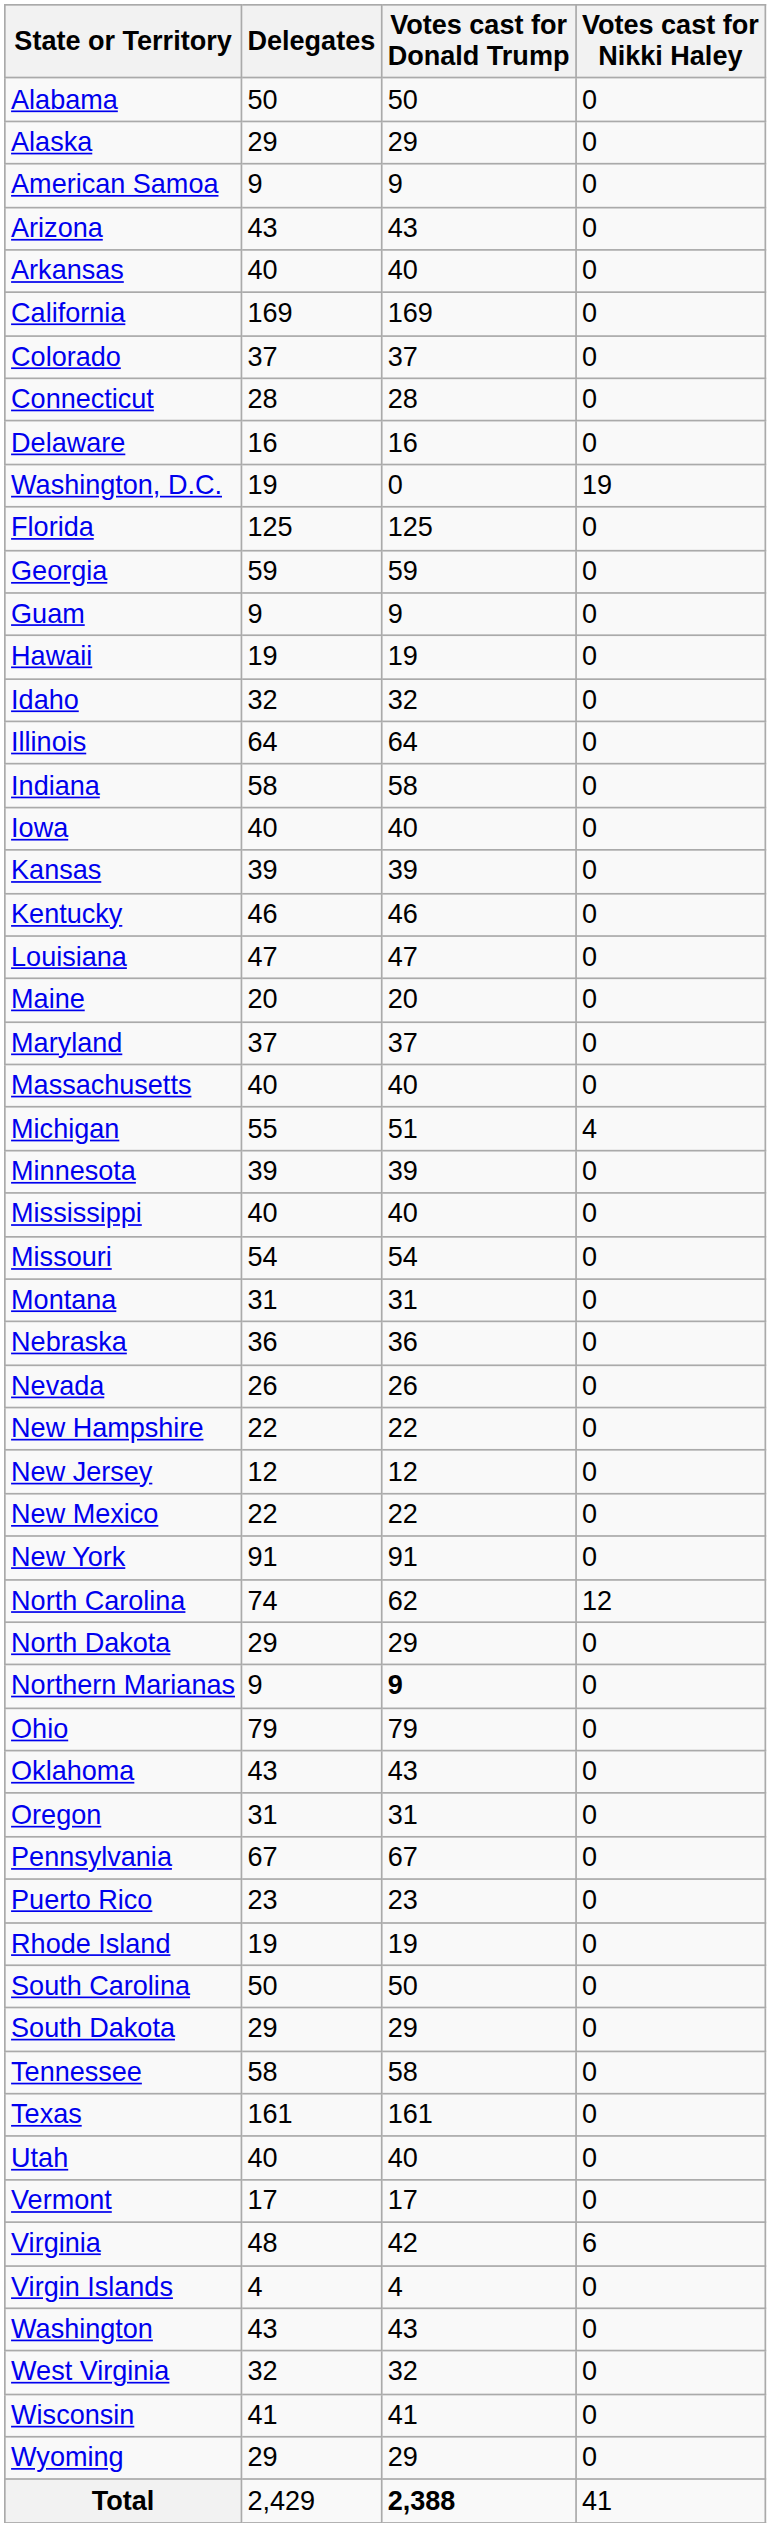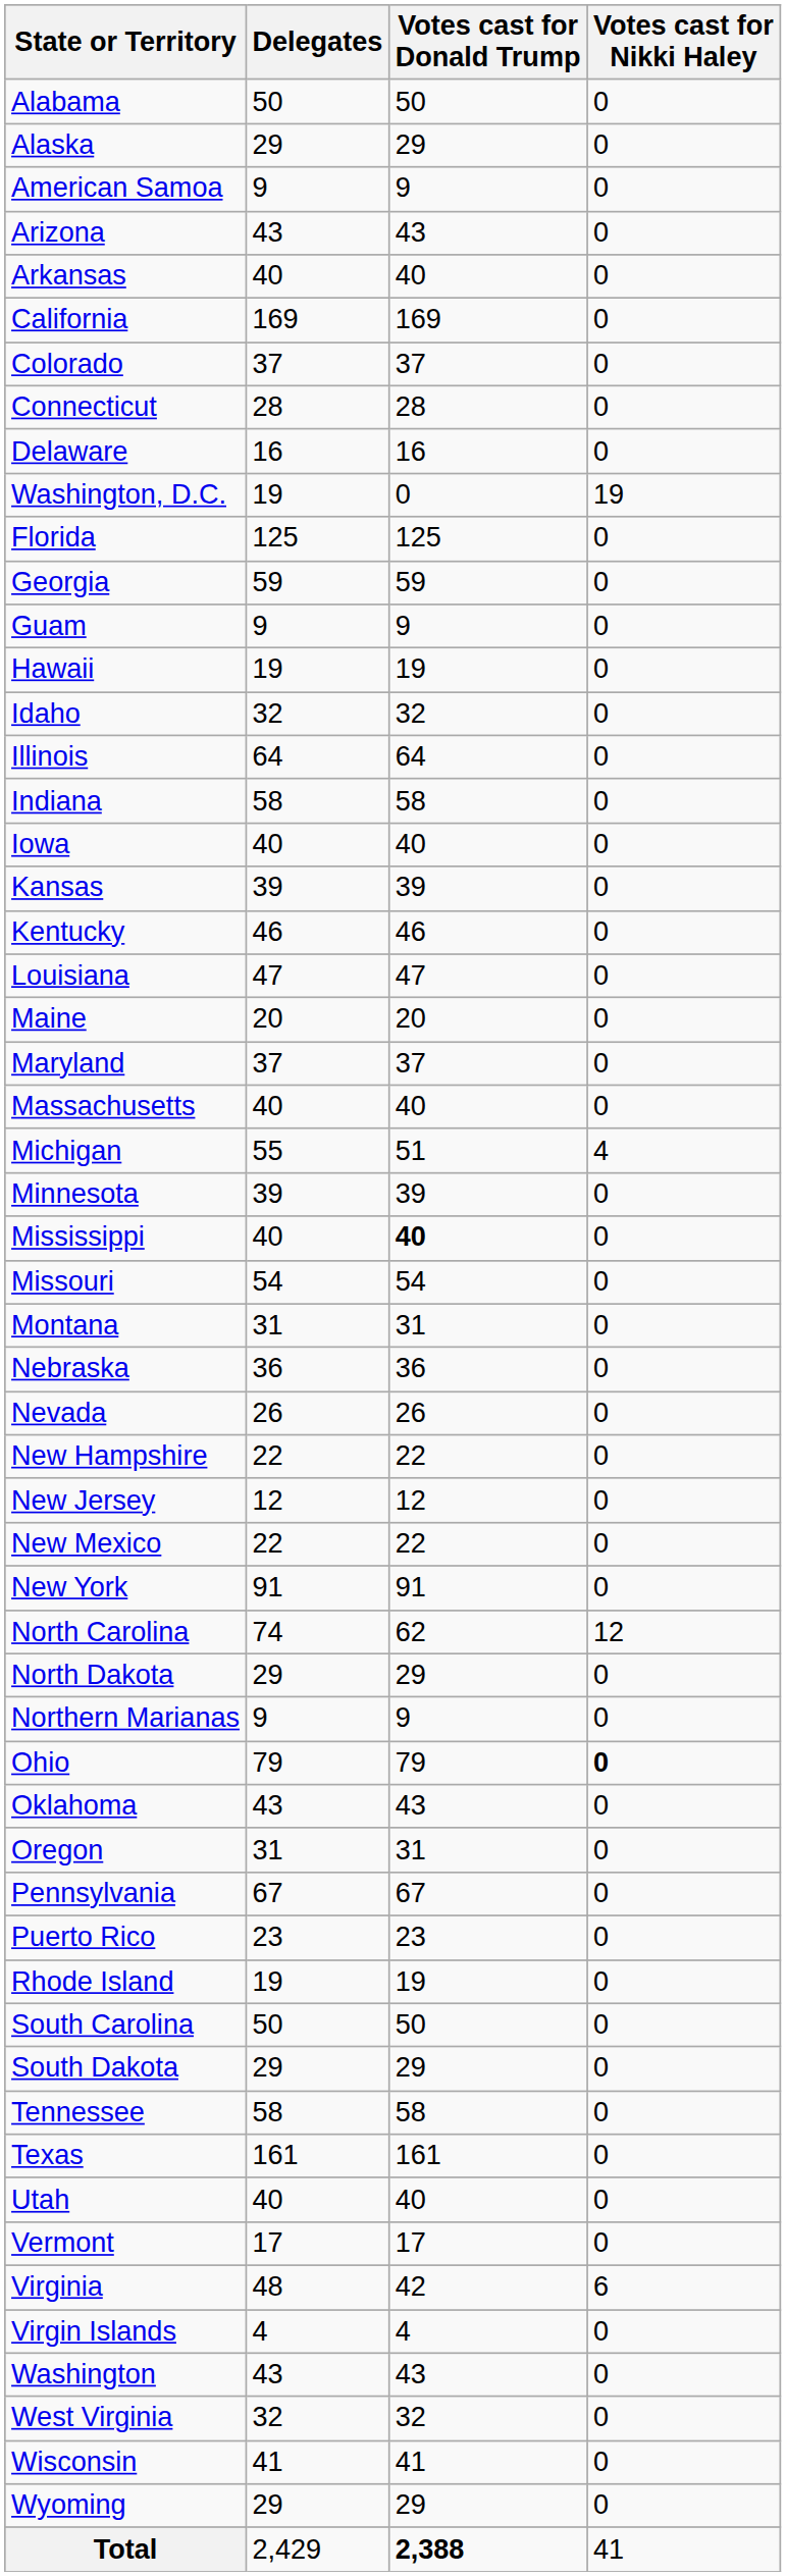 <table class="wikitable sortable">
 <tr>
 <th>State or Territory</th>
 <th>Delegates</th>
 <th>Votes cast for<br>Donald Trump</th>
 <th>Votes cast for<br>Nikki Haley</th>
 </tr>
 <tr>
 <td><a href='#'>Alabama</a></td>
 <td>50</td>
 <td>50</td>
 <td>0</td>
 </tr>
 <tr>
 <td><a href='#'>Alaska</a></td>
 <td>29</td>
 <td>29</td>
 <td>0</td>
 </tr>
 <tr>
 <td><a href='#'>American Samoa</a></td>
 <td>9</td>
 <td>9</td>
 <td>0</td>
 </tr>
 <tr>
 <td><a href='#'>Arizona</a></td>
 <td>43</td>
 <td>43</td>
 <td>0</td>
 </tr>
 <tr>
 <td><a href='#'>Arkansas</a></td>
 <td>40</td>
 <td>40</td>
 <td>0</td>
 </tr>
 <tr>
 <td><a href='#'>California</a></td>
 <td>169</td>
 <td>169</td>
 <td>0</td>
 </tr>
 <tr>
 <td><a href='#'>Colorado</a></td>
 <td>37</td>
 <td>37</td>
 <td>0</td>
 </tr>
 <tr>
 <td><a href='#'>Connecticut</a></td>
 <td>28</td>
 <td>28</td>
 <td>0</td>
 </tr>
 <tr>
 <td><a href='#'>Delaware</a></td>
 <td>16</td>
 <td>16</td>
 <td>0</td>
 </tr>
 <tr>
 <td><a href='#'>Washington, D.C.</a></td>
 <td>19</td>
 <td>0</td>
 <td>19</td>
 </tr>
 <tr>
 <td><a href='#'>Florida</a></td>
 <td>125</td>
 <td>125</td>
 <td>0</td>
 </tr>
 <tr>
 <td><a href='#'>Georgia</a></td>
 <td>59</td>
 <td>59</td>
 <td>0</td>
 </tr>
 <tr>
 <td><a href='#'>Guam</a></td>
 <td>9</td>
 <td>9</td>
 <td>0</td>
 </tr>
 <tr>
 <td><a href='#'>Hawaii</a></td>
 <td>19</td>
 <td>19</td>
 <td>0</td>
 </tr>
 <tr>
 <td><a href='#'>Idaho</a></td>
 <td>32</td>
 <td>32</td>
 <td>0</td>
 </tr>
 <tr>
 <td><a href='#'>Illinois</a></td>
 <td>64</td>
 <td>64</td>
 <td>0</td>
 </tr>
 <tr>
 <td><a href='#'>Indiana</a></td>
 <td>58</td>
 <td>58</td>
 <td>0</td>
 </tr>
 <tr>
 <td><a href='#'>Iowa</a></td>
 <td>40</td>
 <td>40</td>
 <td>0</td>
 </tr>
 <tr>
 <td><a href='#'>Kansas</a></td>
 <td>39</td>
 <td>39</td>
 <td>0</td>
 </tr>
 <tr>
 <td><a href='#'>Kentucky</a></td>
 <td>46</td>
 <td>46</td>
 <td>0</td>
 </tr>
 <tr>
 <td><a href='#'>Louisiana</a></td>
 <td>47</td>
 <td>47</td>
 <td>0</td>
 </tr>
 <tr>
 <td><a href='#'>Maine</a></td>
 <td>20</td>
 <td>20</td>
 <td>0</td>
 </tr>
 <tr>
 <td><a href='#'>Maryland</a></td>
 <td>37</td>
 <td>37</td>
 <td>0</td>
 </tr>
 <tr>
 <td><a href='#'>Massachusetts</a></td>
 <td>40</td>
 <td>40</td>
 <td>0</td>
 </tr>
 <tr>
 <td><a href='#'>Michigan</a></td>
 <td>55</td>
 <td>51</td>
 <td>4</td>
 </tr>
 <tr>
 <td><a href='#'>Minnesota</a></td>
 <td>39</td>
 <td>39</td>
 <td>0</td>
 </tr>
 <tr>
 <td><a href='#'>Mississippi</a></td>
 <td>40</td>
-<td>40</td>
+<td><strong>40</strong></td>
 <td>0</td>
 </tr>
 <tr>
 <td><a href='#'>Missouri</a></td>
 <td>54</td>
 <td>54</td>
 <td>0</td>
 </tr>
 <tr>
 <td><a href='#'>Montana</a></td>
 <td>31</td>
 <td>31</td>
 <td>0</td>
 </tr>
 <tr>
 <td><a href='#'>Nebraska</a></td>
 <td>36</td>
 <td>36</td>
 <td>0</td>
 </tr>
 <tr>
 <td><a href='#'>Nevada</a></td>
 <td>26</td>
 <td>26</td>
 <td>0</td>
 </tr>
 <tr>
 <td><a href='#'>New Hampshire</a></td>
 <td>22</td>
 <td>22</td>
 <td>0</td>
 </tr>
 <tr>
 <td><a href='#'>New Jersey</a></td>
 <td>12</td>
 <td>12</td>
 <td>0</td>
 </tr>
 <tr>
 <td><a href='#'>New Mexico</a></td>
 <td>22</td>
 <td>22</td>
 <td>0</td>
 </tr>
 <tr>
 <td><a href='#'>New York</a></td>
 <td>91</td>
 <td>91</td>
 <td>0</td>
 </tr>
 <tr>
 <td><a href='#'>North Carolina</a></td>
 <td>74</td>
 <td>62</td>
 <td>12</td>
 </tr>
 <tr>
 <td><a href='#'>North Dakota</a></td>
 <td>29</td>
 <td>29</td>
 <td>0</td>
 </tr>
 <tr>
 <td><a href='#'>Northern Marianas</a></td>
 <td>9</td>
-<td><strong>9</strong></td>
+<td>9</td>
 <td>0</td>
 </tr>
 <tr>
 <td><a href='#'>Ohio</a></td>
 <td>79</td>
 <td>79</td>
-<td>0</td>
+<td><strong>0</strong></td>
 </tr>
 <tr>
 <td><a href='#'>Oklahoma</a></td>
 <td>43</td>
 <td>43</td>
 <td>0</td>
 </tr>
 <tr>
 <td><a href='#'>Oregon</a></td>
 <td>31</td>
 <td>31</td>
 <td>0</td>
 </tr>
 <tr>
 <td><a href='#'>Pennsylvania</a></td>
 <td>67</td>
 <td>67</td>
 <td>0</td>
 </tr>
 <tr>
 <td><a href='#'>Puerto Rico</a></td>
 <td>23</td>
 <td>23</td>
 <td>0</td>
 </tr>
 <tr>
 <td><a href='#'>Rhode Island</a></td>
 <td>19</td>
 <td>19</td>
 <td>0</td>
 </tr>
 <tr>
 <td><a href='#'>South Carolina</a></td>
 <td>50</td>
 <td>50</td>
 <td>0</td>
 </tr>
 <tr>
 <td><a href='#'>South Dakota</a></td>
 <td>29</td>
 <td>29</td>
 <td>0</td>
 </tr>
 <tr>
 <td><a href='#'>Tennessee</a></td>
 <td>58</td>
 <td>58</td>
 <td>0</td>
 </tr>
 <tr>
 <td><a href='#'>Texas</a></td>
 <td>161</td>
 <td>161</td>
 <td>0</td>
 </tr>
 <tr>
 <td><a href='#'>Utah</a></td>
 <td>40</td>
 <td>40</td>
 <td>0</td>
 </tr>
 <tr>
 <td><a href='#'>Vermont</a></td>
 <td>17</td>
 <td>17</td>
 <td>0</td>
 </tr>
 <tr>
 <td><a href='#'>Virginia</a></td>
 <td>48</td>
 <td>42</td>
 <td>6</td>
 </tr>
 <tr>
 <td><a href='#'>Virgin Islands</a></td>
 <td>4</td>
 <td>4</td>
 <td>0</td>
 </tr>
 <tr>
 <td><a href='#'>Washington</a></td>
 <td>43</td>
 <td>43</td>
 <td>0</td>
 </tr>
 <tr>
 <td><a href='#'>West Virginia</a></td>
 <td>32</td>
 <td>32</td>
 <td>0</td>
 </tr>
 <tr>
 <td><a href='#'>Wisconsin</a></td>
 <td>41</td>
 <td>41</td>
 <td>0</td>
 </tr>
 <tr>
 <td><a href='#'>Wyoming</a></td>
 <td>29</td>
 <td>29</td>
 <td>0</td>
 </tr>
 <tr>
 <th scope="row">Total</th>
 <td>2,429</td>
 <td><strong>2,388</strong></td>
 <td>41</td>
 </tr>
 </table>
